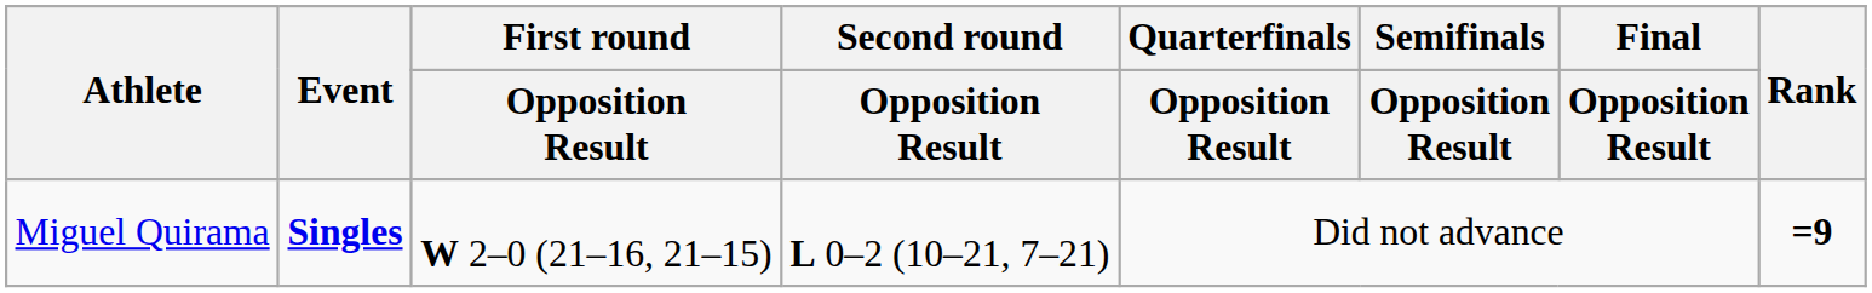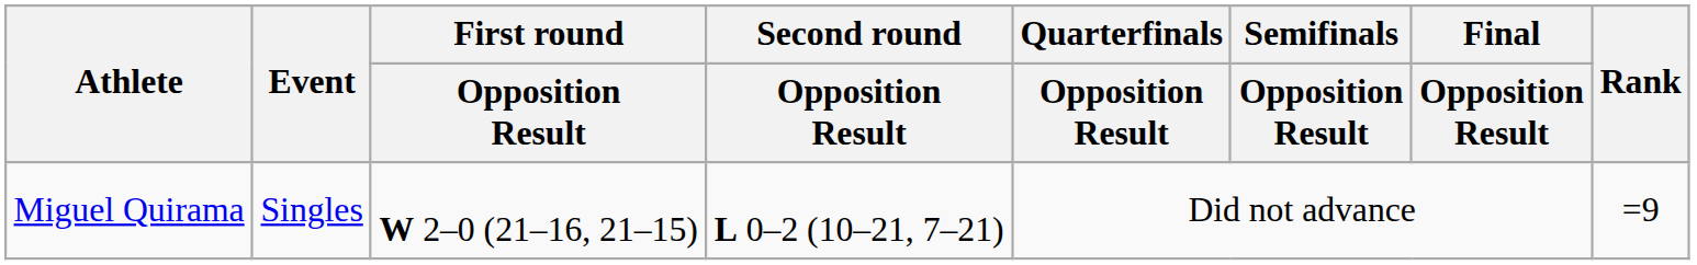 <table class=wikitable style=font-size:90%;text-align:center>
 <tr>
 <th rowspan="2">Athlete</th>
 <th rowspan="2">Event</th>
 <th>First round</th>
 <th>Second round</th>
 <th>Quarterfinals</th>
 <th>Semifinals</th>
 <th>Final</th>
 <th rowspan="2">Rank</th>
 </tr>
 <tr>
 <th>Opposition<br>Result</th>
 <th>Opposition<br>Result</th>
 <th>Opposition<br>Result</th>
 <th>Opposition<br>Result</th>
 <th>Opposition<br>Result</th>
 </tr>
 <tr>
 <td align=left><a href='#'>Miguel Quirama</a></td>
-<td><strong><a href='#'>Singles</a></strong></td>
+<td><a href='#'>Singles</a></td>
 <td><br><strong>W</strong> 2–0 (21–16, 21–15)</td>
 <td><br><strong>L</strong> 0–2 (10–21, 7–21)</td>
 <td colspan=3>Did not advance</td>
-<td><strong>=9</strong></td>
+<td>=9</td>
 </tr>
 </table>
